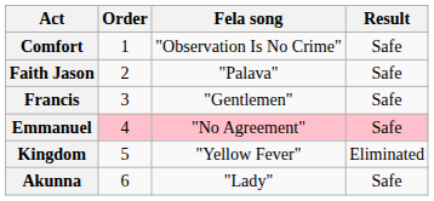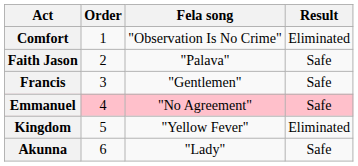 <table class="wikitable plainrowheaders" style="text-align:center;">
 <tr>
 <th scope"col">Act</th>
 <th scope"col">Order</th>
 <th scope"col">Fela song</th>
 <th scope"col">Result</th>
 </tr>
 <tr>
 <th scope=row>Comfort</th>
 <td>1</td>
 <td>"Observation Is No Crime"</td>
-<td>Safe</td>
+<td>Eliminated</td>
 </tr>
 <tr>
 <th scope=row>Faith Jason</th>
 <td>2</td>
 <td>"Palava"</td>
 <td>Safe</td>
 </tr>
 <tr>
 <th scope=row>Francis</th>
 <td>3</td>
 <td>"Gentlemen"</td>
 <td>Safe</td>
 </tr>
 <tr style="background: pink">
 <th scope=row>Emmanuel</th>
 <td>4</td>
 <td>"No Agreement"</td>
 <td>Safe</td>
 </tr>
 <tr>
 <th scope=row>Kingdom</th>
 <td>5</td>
 <td>"Yellow Fever"</td>
 <td>Eliminated</td>
 </tr>
 <tr>
 <th scope=row>Akunna</th>
 <td>6</td>
 <td>"Lady"</td>
 <td>Safe</td>
 </tr>
 </table>
